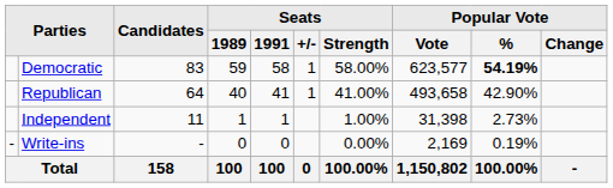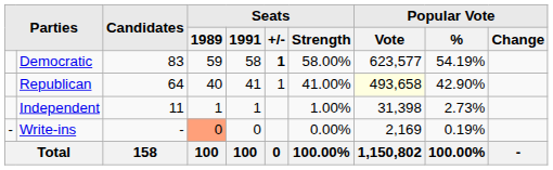 <table class=wikitable>
 <tr>
 <th style="background-color:#E9E9E9" align=center rowspan= 2 colspan=2>Parties</th>
 <th style="background-color:#E9E9E9" align=center rowspan= 2>Candidates</th>
 <th style="background-color:#E9E9E9" align=center colspan=4>Seats</th>
 <th style="background-color:#E9E9E9" align=center colspan=3>Popular Vote</th>
 </tr>
 <tr>
 <th align=center>1989</th>
 <th align=center>1991</th>
 <th align=center>+/-</th>
 <th align=center>Strength</th>
 <th align=center>Vote</th>
 <th align=center>%</th>
 <th align=center>Change</th>
 </tr>
 <tr>
 <td></td>
 <td align=left><a href='#'>Democratic</a></td>
 <td align=right >83</td>
 <td align=right >59</td>
 <td align=right >58</td>
-<td align=right> 1</td>
+<td align=right><strong> 1</strong></td>
 <td align=right >58.00%</td>
 <td align=right >623,577</td>
-<td align=right ><strong>54.19%</strong></td>
+<td align=right >54.19%</td>
 <td align=right></td>
 </tr>
 <tr>
 <td></td>
 <td align=left><a href='#'>Republican</a></td>
 <td align=right>64</td>
 <td align=right>40</td>
 <td align=right>41</td>
 <td align=right> 1</td>
 <td align=right>41.00%</td>
-<td align=right>493,658</td>
+<td align=right style="background: lightyellow;">493,658</td>
 <td align=right>42.90%</td>
 <td align=right></td>
 </tr>
 <tr>
 <td></td>
 <td><a href='#'>Independent</a></td>
 <td align=right>11</td>
 <td align=right>1</td>
 <td align=right>1</td>
 <td align=right></td>
 <td align=right>1.00%</td>
 <td align=right>31,398</td>
 <td align=right>2.73%</td>
 <td align=right></td>
 </tr>
 <tr>
 <td>-</td>
 <td><a href='#'>Write-ins</a></td>
 <td align=right>-</td>
-<td align=right>0</td>
+<td align=right style="background: lightsalmon;">0</td>
 <td align=right>0</td>
 <td align=right></td>
 <td align=right>0.00%</td>
 <td align=right>2,169</td>
 <td align=right>0.19%</td>
 <td align=right></td>
 </tr>
 <tr>
 <th align=center colspan="2">Total</th>
 <th align=center>158</th>
 <th align=center>100</th>
 <th align=center>100</th>
 <th align=center>0</th>
 <th align=center>100.00%</th>
 <th align=center>1,150,802</th>
 <th align=center>100.00%</th>
 <th align=center>-</th>
 </tr>
 </table>
